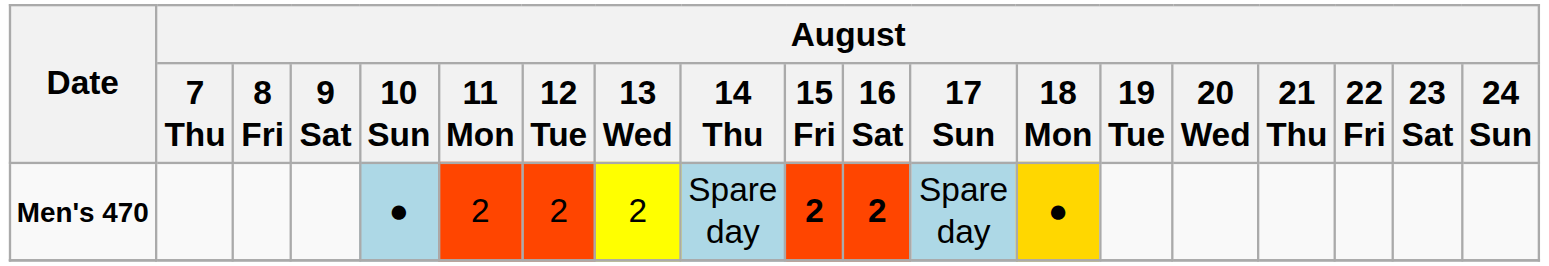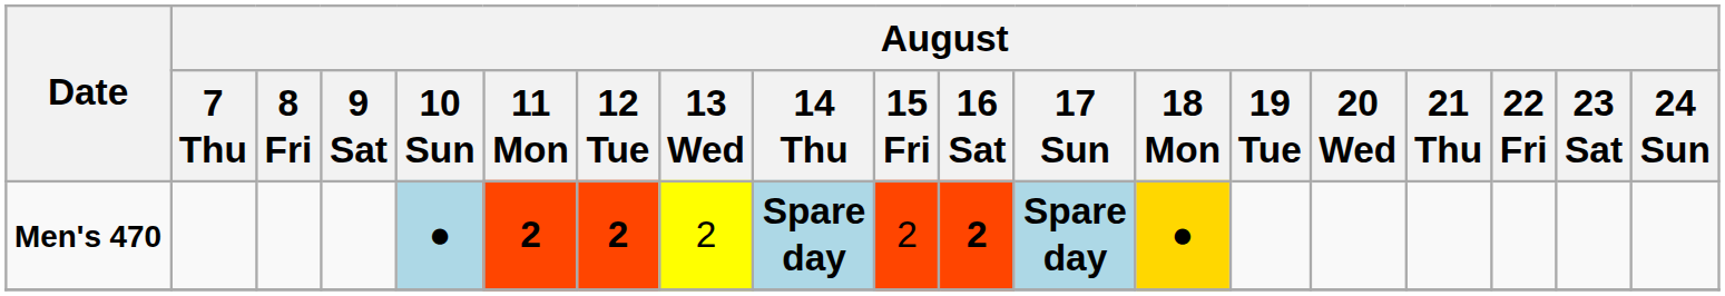 <table class="wikitable" style="margin:0.5em auto; font-size:90%; line-height:1.25em;">
 <tr>
 <th rowspan=2>Date</th>
 <th colspan=18>August</th>
 </tr>
 <tr>
 <th>7<br>Thu</th>
 <th>8<br>Fri</th>
 <th>9<br>Sat</th>
 <th>10<br>Sun</th>
 <th>11<br>Mon</th>
 <th>12<br>Tue</th>
 <th>13<br>Wed</th>
 <th>14<br>Thu</th>
 <th>15<br>Fri</th>
 <th>16<br>Sat</th>
 <th>17<br>Sun</th>
 <th>18<br>Mon</th>
 <th>19<br>Tue</th>
 <th>20<br>Wed</th>
 <th>21<br>Thu</th>
 <th>22<br>Fri</th>
 <th>23<br>Sat</th>
 <th>24<br>Sun</th>
 </tr>
 <tr align="center">
 <td align="right"><small><strong>Men's 470</strong></small></td>
 <td></td>
 <td></td>
 <td></td>
 <td bgcolor=LightBlue><span> ● </span></td>
-<td bgcolor=OrangeRed><span> 2 </span></td>
-<td bgcolor=OrangeRed><span> 2 </span></td>
-<td bgcolor=Yellow><span> 2 </span></td>
-<td bgcolor=LightBlue><span> Spare<br>day </span></td>
 <td bgcolor=OrangeRed><strong><span> 2 </span></strong></td>
 <td bgcolor=OrangeRed><strong><span> 2 </span></strong></td>
-<td bgcolor=LightBlue><span> Spare<br>day </span></td>
+<td bgcolor=Yellow><span> 2 </span></td>
+<td bgcolor=LightBlue><strong><span> Spare<br>day </span></strong></td>
+<td bgcolor=OrangeRed><span> 2 </span></td>
+<td bgcolor=OrangeRed><strong><span> 2 </span></strong></td>
+<td bgcolor=LightBlue><strong><span> Spare<br>day </span></strong></td>
 <td bgcolor=Gold><span> ● </span></td>
 <td></td>
 <td></td>
 <td></td>
 <td></td>
 <td></td>
 <td></td>
 </tr>
 <tr>
 </tr>
 </table>
